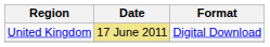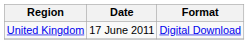 <table class="wikitable">
 <tr>
 <th>Region</th>
 <th>Date</th>
 <th>Format</th>
 </tr>
 <tr>
 <td><a href='#'>United Kingdom</a></td>
-<td style="background: khaki;">17 June 2011</td>
+<td>17 June 2011</td>
 <td><a href='#'>Digital Download</a></td>
 </tr>
 <tr>
 </tr>
 </table>
